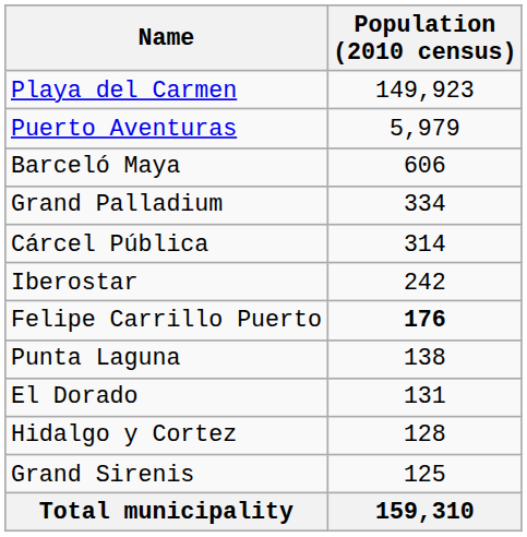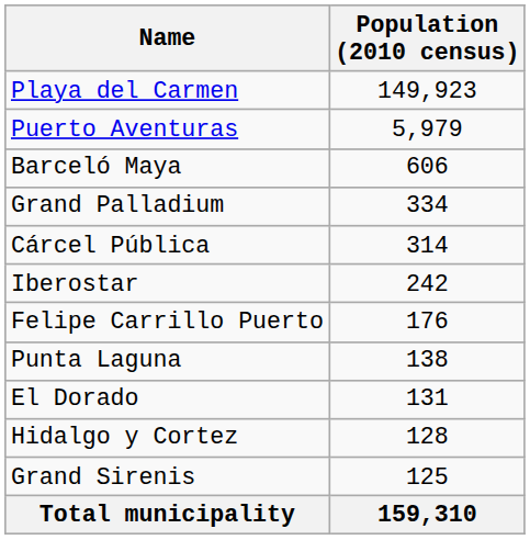 <table class="wikitable sortable">
 <tr>
 <th>Name</th>
 <th>Population<br>(2010 census)</th>
 </tr>
 <tr>
 <td><a href='#'>Playa del Carmen</a></td>
 <td align=center>149,923</td>
 </tr>
 <tr>
 <td><a href='#'>Puerto Aventuras</a></td>
 <td align=center>5,979</td>
 </tr>
 <tr>
 <td>Barceló Maya</td>
 <td align=center>606</td>
 </tr>
 <tr>
 <td>Grand Palladium</td>
 <td align=center>334</td>
 </tr>
 <tr>
 <td>Cárcel Pública</td>
 <td align=center>314</td>
 </tr>
 <tr>
 <td>Iberostar</td>
 <td align=center>242</td>
 </tr>
 <tr>
 <td>Felipe Carrillo Puerto</td>
-<td align=center><strong>176</strong></td>
+<td align=center>176</td>
 </tr>
 <tr>
 <td>Punta Laguna</td>
 <td align=center>138</td>
 </tr>
 <tr>
 <td>El Dorado</td>
 <td align=center>131</td>
 </tr>
 <tr>
 <td>Hidalgo y Cortez</td>
 <td align=center>128</td>
 </tr>
 <tr>
 <td>Grand Sirenis</td>
 <td align=center>125</td>
 </tr>
 <tr>
 <th>Total municipality</th>
 <th>159,310</th>
 </tr>
 </table>
